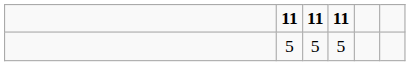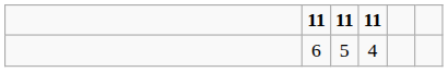 <table class="wikitable">
 <tr>
 <td style="width:15em"></td>
 <td align=center style="width:1em"><strong>11</strong></td>
 <td align=center style="width:1em"><strong>11</strong></td>
 <td align=center style="width:1em"><strong>11</strong></td>
 <td align=center style="width:1em"></td>
 <td align=center style="width:1em"></td>
 </tr>
 <tr>
 <td style="width:15em"></td>
+<td align=center style="width:1em">6</td>
 <td align=center style="width:1em">5</td>
-<td align=center style="width:1em">5</td>
-<td align=center style="width:1em">5</td>
+<td align=center style="width:1em">4</td>
 <td align=center style="width:1em"></td>
 <td align=center style="width:1em"></td>
 </tr>
 </table>
